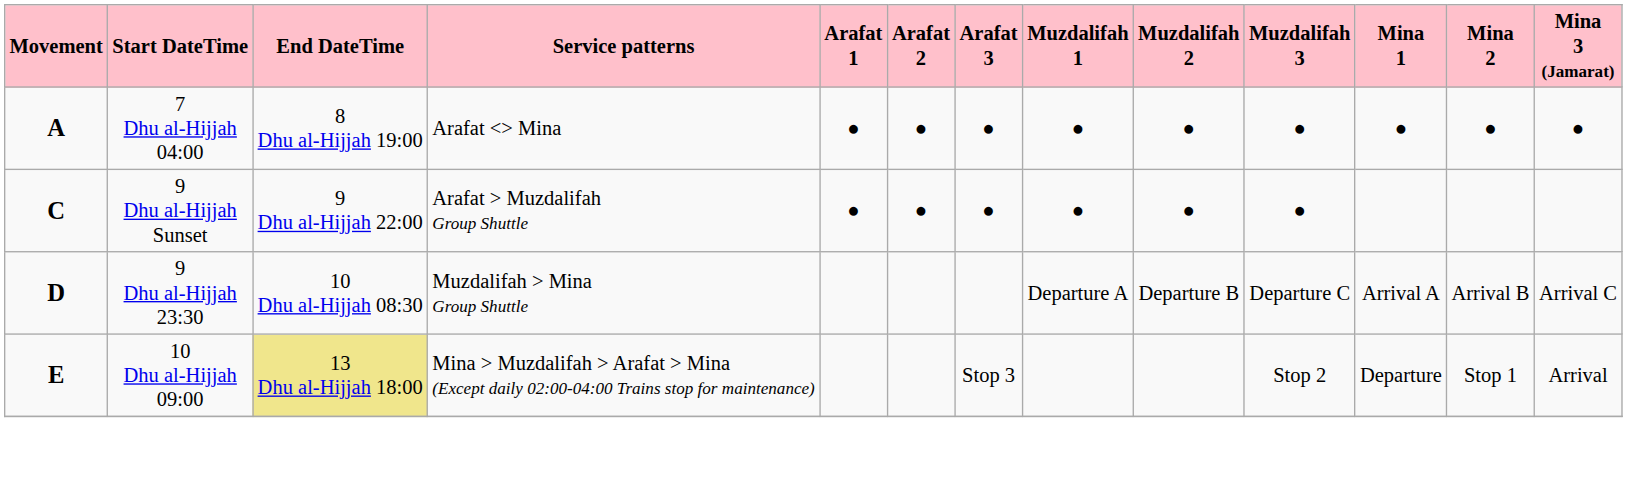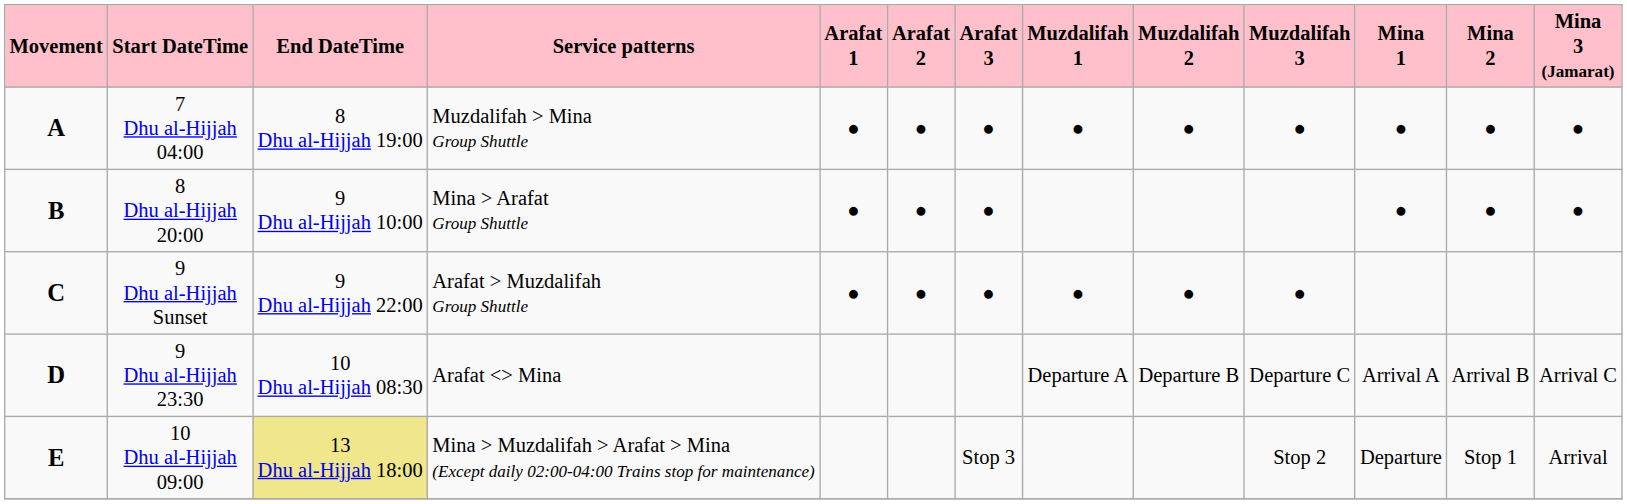 <table class="wikitable sortable" style="font-size: 95%; text-align:center;">
 <tr bgcolor="pink">
 <td><strong>Movement</strong></td>
 <td><strong>Start DateTime</strong></td>
 <td><strong>End DateTime</strong></td>
 <td><strong>Service patterns</strong></td>
 <td><strong>Arafat <br>1</strong></td>
 <td><strong>Arafat <br>2</strong></td>
 <td><strong>Arafat <br>3</strong></td>
 <td><strong>Muzdalifah <br>1</strong></td>
 <td><strong>Muzdalifah <br>2</strong></td>
 <td><strong>Muzdalifah <br>3</strong></td>
 <td><strong>Mina <br>1</strong></td>
 <td><strong>Mina <br>2</strong></td>
 <td><strong>Mina <br>3 <br><small>(Jamarat)</small></strong></td>
 </tr>
 <tr>
 <td><big><strong>A</strong></big></td>
 <td>7 <br><a href='#'>Dhu al-Hijjah</a><br>04:00</td>
 <td>8<br><a href='#'>Dhu al-Hijjah</a> 19:00</td>
-<td style="text-align:left;">Arafat <> Mina</td>
+<td style="text-align:left;">Muzdalifah > Mina<br><small><em>Group Shuttle</em></small></td>
 <td>●</td>
 <td>●</td>
 <td>●</td>
 <td>●</td>
 <td>●</td>
 <td>●</td>
+<td>●</td>
+<td>●</td>
+<td>●</td>
+</tr>
+<tr>
+<td><big><strong>B</strong></big></td>
+<td>8 <br><a href='#'>Dhu al-Hijjah</a><br>20:00</td>
+<td>9<br><a href='#'>Dhu al-Hijjah</a> 10:00</td>
+<td style="text-align:left;">Mina > Arafat<br><small><em>Group Shuttle</em></small></td>
+<td>●</td>
+<td>●</td>
+<td>●</td>
+<td></td>
+<td></td>
+<td></td>
 <td>●</td>
 <td>●</td>
 <td>●</td>
 </tr>
 <tr>
 <td><big><strong>C</strong></big></td>
 <td>9 <br><a href='#'>Dhu al-Hijjah</a><br>Sunset</td>
 <td>9<br><a href='#'>Dhu al-Hijjah</a> 22:00</td>
 <td style="text-align:left;">Arafat > Muzdalifah<br><small><em>Group Shuttle</em></small></td>
 <td>●</td>
 <td>●</td>
 <td>●</td>
 <td>●</td>
 <td>●</td>
 <td>●</td>
 <td></td>
 <td></td>
 <td></td>
 </tr>
 <tr>
 <td><big><strong>D</strong></big></td>
 <td>9 <br><a href='#'>Dhu al-Hijjah</a><br>23:30</td>
 <td>10<br><a href='#'>Dhu al-Hijjah</a> 08:30</td>
-<td style="text-align:left;">Muzdalifah > Mina<br><small><em>Group Shuttle</em></small></td>
+<td style="text-align:left;">Arafat <> Mina</td>
 <td></td>
 <td></td>
 <td></td>
 <td>Departure A</td>
 <td>Departure B</td>
 <td>Departure C</td>
 <td>Arrival A</td>
 <td>Arrival B</td>
 <td>Arrival C</td>
 </tr>
 <tr>
 <td><big><strong>E</strong></big></td>
 <td>10 <br><a href='#'>Dhu al-Hijjah</a><br>09:00</td>
 <td style="background: khaki;">13<br><a href='#'>Dhu al-Hijjah</a> 18:00</td>
 <td style="text-align:left;">Mina > Muzdalifah > Arafat > Mina <br><small><em>(Except daily 02:00-04:00 Trains stop for maintenance)</em></small></td>
 <td></td>
 <td></td>
 <td>Stop 3</td>
 <td></td>
 <td></td>
 <td>Stop 2</td>
 <td>Departure</td>
 <td>Stop 1</td>
 <td>Arrival</td>
 </tr>
 <tr>
 </tr>
 </table>
